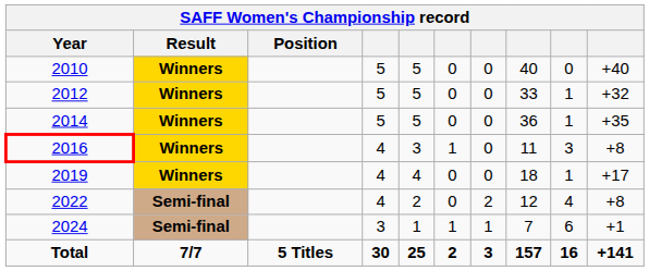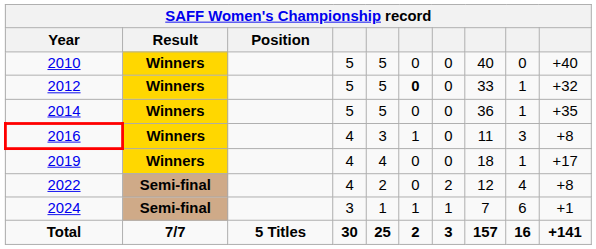 <table class="wikitable" style="text-align: center; width:50%;">
 <tr>
 <th colspan="10" #0000FF;><a href='#'>SAFF Women's Championship</a> record</th>
 </tr>
 <tr>
 <th style="width:90px;">Year</th>
 <th style="width:80px;">Result</th>
 <th style="width:80px;">Position</th>
 <th style="width:20px;"></th>
 <th style="width:20px;"></th>
 <th style="width:20px;"></th>
 <th style="width:20px;"></th>
 <th style="width:20px;"></th>
 <th style="width:20px;"></th>
 <th style="width:20px;"></th>
 </tr>
 <tr>
 <td> <a href='#'>2010</a></td>
 <td style="background:gold;"><strong>Winners</strong></td>
 <td></td>
 <td>5</td>
 <td>5</td>
 <td>0</td>
 <td>0</td>
 <td>40</td>
 <td>0</td>
 <td>+40</td>
 </tr>
 <tr>
 <td> <a href='#'>2012</a></td>
 <td style="background:gold;"><strong>Winners</strong></td>
 <td></td>
 <td>5</td>
 <td>5</td>
-<td>0</td>
+<td><strong>0</strong></td>
 <td>0</td>
 <td>33</td>
 <td>1</td>
 <td>+32</td>
 </tr>
 <tr>
 <td> <a href='#'>2014</a></td>
 <td style="background:gold;"><strong>Winners</strong></td>
 <td></td>
 <td>5</td>
 <td>5</td>
 <td>0</td>
 <td>0</td>
 <td>36</td>
 <td>1</td>
 <td>+35</td>
 </tr>
 <tr>
 <td style="border: 3px solid red"> <a href='#'>2016</a></td>
 <td style="background:gold;"><strong>Winners</strong></td>
 <td></td>
 <td>4</td>
 <td>3</td>
 <td>1</td>
 <td>0</td>
 <td>11</td>
 <td>3</td>
 <td>+8</td>
 </tr>
 <tr>
 <td> <a href='#'>2019</a></td>
 <td style="background:gold;"><strong>Winners</strong></td>
 <td></td>
 <td>4</td>
 <td>4</td>
 <td>0</td>
 <td>0</td>
 <td>18</td>
 <td>1</td>
 <td>+17</td>
 </tr>
 <tr>
 <td> <a href='#'>2022</a></td>
 <td style="background:#cfaa88;"><strong>Semi-final</strong></td>
 <td></td>
 <td>4</td>
 <td>2</td>
 <td>0</td>
 <td>2</td>
 <td>12</td>
 <td>4</td>
 <td>+8</td>
 </tr>
 <tr>
 <td> <a href='#'>2024</a></td>
 <td style="background:#cfaa88;"><strong>Semi-final</strong></td>
 <td></td>
 <td>3</td>
 <td>1</td>
 <td>1</td>
 <td>1</td>
 <td>7</td>
 <td>6</td>
 <td>+1</td>
 </tr>
 <tr>
 <td><strong>Total</strong></td>
 <td><strong>7/7</strong></td>
 <td><strong>5 Titles</strong></td>
 <td><strong>30</strong></td>
 <td><strong>25</strong></td>
 <td><strong>2</strong></td>
 <td><strong>3</strong></td>
 <td><strong>157</strong></td>
 <td><strong>16</strong></td>
 <td><strong>+141</strong></td>
 </tr>
 </table>
